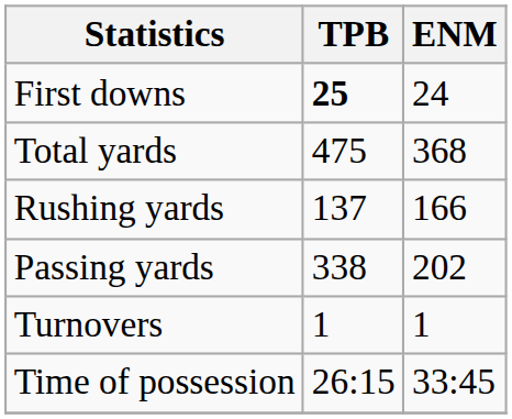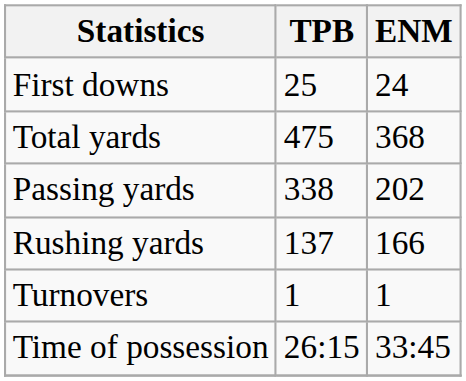 <table class="wikitable" style="float: left;">
 <tr>
 <th>Statistics</th>
 <th>TPB</th>
 <th>ENM</th>
 </tr>
 <tr>
 <td>First downs</td>
-<td><strong>25</strong></td>
+<td>25</td>
 <td>24</td>
 </tr>
 <tr>
 <td>Total yards</td>
 <td>475</td>
 <td>368</td>
 </tr>
 <tr>
+<td>Passing yards</td>
+<td>338</td>
+<td>202</td>
+</tr>
+<tr>
 <td>Rushing yards</td>
 <td>137</td>
 <td>166</td>
-</tr>
-<tr>
-<td>Passing yards</td>
-<td>338</td>
-<td>202</td>
 </tr>
 <tr>
 <td>Turnovers</td>
 <td>1</td>
 <td>1</td>
 </tr>
 <tr>
 <td>Time of possession</td>
 <td>26:15</td>
 <td>33:45</td>
 </tr>
 <tr>
 </tr>
 </table>
